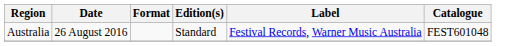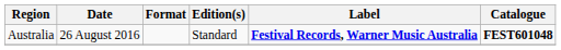 <table class="wikitable plainrowheaders">
 <tr>
 <th scope="col">Region</th>
 <th scope="col">Date</th>
 <th scope="col">Format</th>
 <th scope="col">Edition(s)</th>
 <th scope="col">Label</th>
 <th scope="col">Catalogue</th>
 </tr>
 <tr>
 <td>Australia</td>
 <td>26 August 2016</td>
 <td></td>
 <td>Standard</td>
-<td><a href='#'>Festival Records</a>, <a href='#'>Warner Music Australia</a></td>
-<td>FEST601048</td>
+<td><strong><a href='#'>Festival Records</a>, <a href='#'>Warner Music Australia</a></strong></td>
+<td><strong>FEST601048</strong></td>
 </tr>
 <tr>
 </tr>
 </table>
